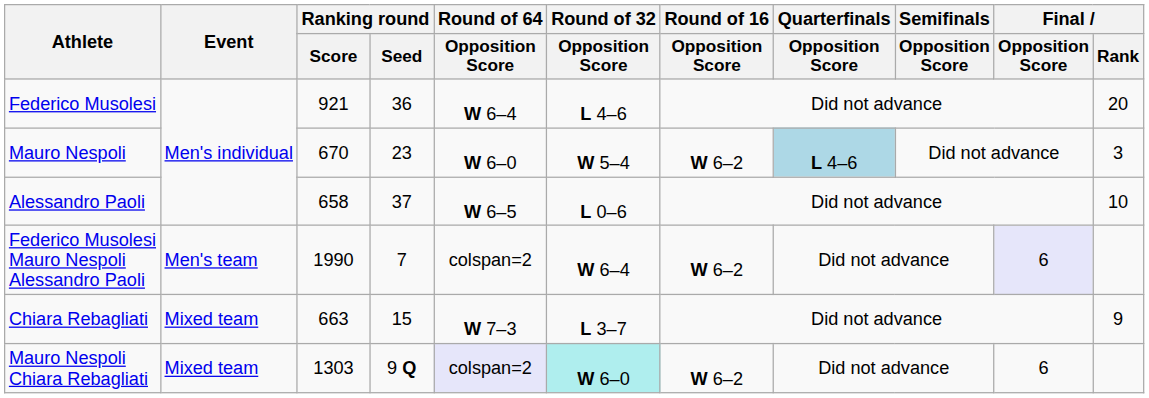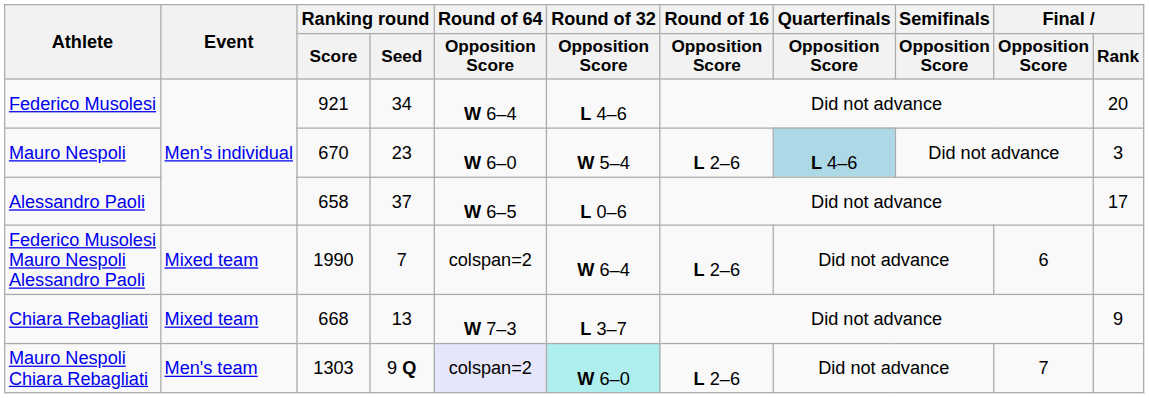 <table class="wikitable" style="font-size:90%; text-align:center">
 <tr>
 <th rowspan=2>Athlete</th>
 <th rowspan=2>Event</th>
 <th colspan="2">Ranking round</th>
 <th>Round of 64</th>
 <th>Round of 32</th>
 <th>Round of 16</th>
 <th>Quarterfinals</th>
 <th>Semifinals</th>
 <th colspan="2">Final / </th>
 </tr>
 <tr style="font-size:95%">
 <th>Score</th>
 <th>Seed</th>
 <th>Opposition<br>Score</th>
 <th>Opposition<br>Score</th>
 <th>Opposition<br>Score</th>
 <th>Opposition<br>Score</th>
 <th>Opposition<br>Score</th>
 <th>Opposition<br>Score</th>
 <th>Rank</th>
 </tr>
 <tr align=center>
 <td align=left><a href='#'>Federico Musolesi</a></td>
 <td align=left rowspan=3><a href='#'>Men's individual</a></td>
 <td>921</td>
-<td>36</td>
+<td>34</td>
 <td><br><strong>W</strong> 6–4</td>
 <td><br><strong>L</strong> 4–6</td>
 <td colspan=4>Did not advance</td>
 <td>20</td>
 </tr>
 <tr>
 <td align=left><a href='#'>Mauro Nespoli</a></td>
 <td>670</td>
 <td>23</td>
 <td><br><strong>W</strong> 6–0</td>
 <td><br><strong>W</strong> 5–4</td>
-<td><br><strong>W</strong> 6–2</td>
+<td><br><strong>L</strong> 2–6</td>
 <td style="background: lightblue;"><br><strong>L</strong> 4–6</td>
 <td colspan=2>Did not advance</td>
 <td>3</td>
 </tr>
 <tr>
 <td align=left><a href='#'>Alessandro Paoli</a></td>
 <td>658</td>
 <td>37</td>
 <td><br><strong>W</strong> 6–5</td>
 <td><br><strong>L</strong> 0–6</td>
 <td colspan=4>Did not advance</td>
-<td>10</td>
+<td>17</td>
 </tr>
 <tr align=center>
 <td align=left><a href='#'>Federico Musolesi</a><br><a href='#'>Mauro Nespoli</a><br><a href='#'>Alessandro Paoli</a></td>
-<td align=left><a href='#'>Men's team</a></td>
+<td align=left><a href='#'>Mixed team</a></td>
 <td>1990</td>
 <td>7</td>
 <td>colspan=2 </td>
 <td><br><strong>W</strong> 6–4</td>
-<td><br><strong>W</strong> 6–2</td>
+<td><br><strong>L</strong> 2–6</td>
 <td colspan=2 {>Did not advance</td>
-<td style="background: lavender;">6</td>
+<td>6</td>
 </tr>
 <tr align=center>
 <td align=left><a href='#'>Chiara Rebagliati</a></td>
 <td align=left><a href='#'>Mixed team</a></td>
-<td>663</td>
-<td>15</td>
+<td>668</td>
+<td>13</td>
 <td><br><strong>W</strong> 7–3</td>
 <td><br><strong>L</strong> 3–7</td>
 <td colspan=4>Did not advance</td>
 <td>9</td>
 </tr>
 <tr align=center>
 <td align=left><a href='#'>Mauro Nespoli</a><br><a href='#'>Chiara Rebagliati</a></td>
-<td align=left><a href='#'>Mixed team</a></td>
+<td align=left><a href='#'>Men's team</a></td>
 <td>1303</td>
 <td>9 <strong>Q</strong></td>
 <td style="background: lavender;">colspan=2 </td>
 <td style="background: paleturquoise;"><br><strong>W</strong> 6–0</td>
-<td><br><strong>W</strong> 6–2</td>
+<td><br><strong>L</strong> 2–6</td>
 <td colspan=2>Did not advance</td>
-<td>6</td>
+<td>7</td>
 </tr>
 </table>
